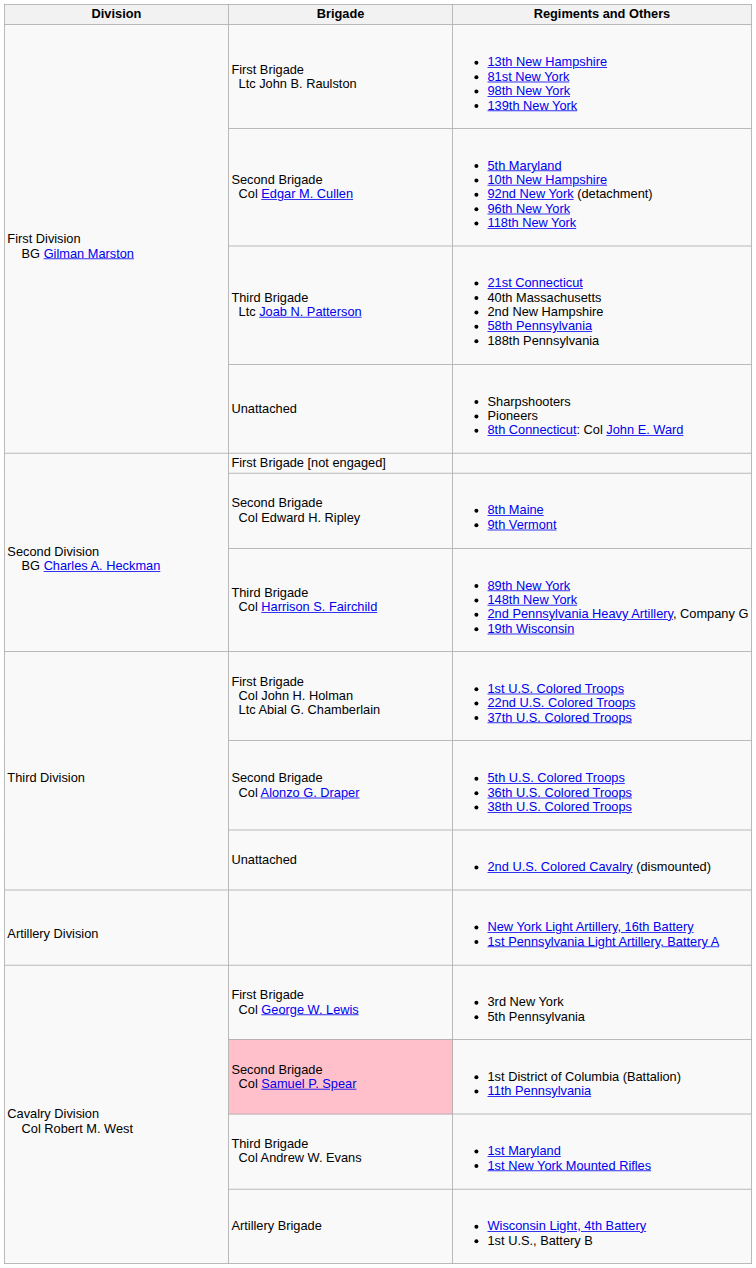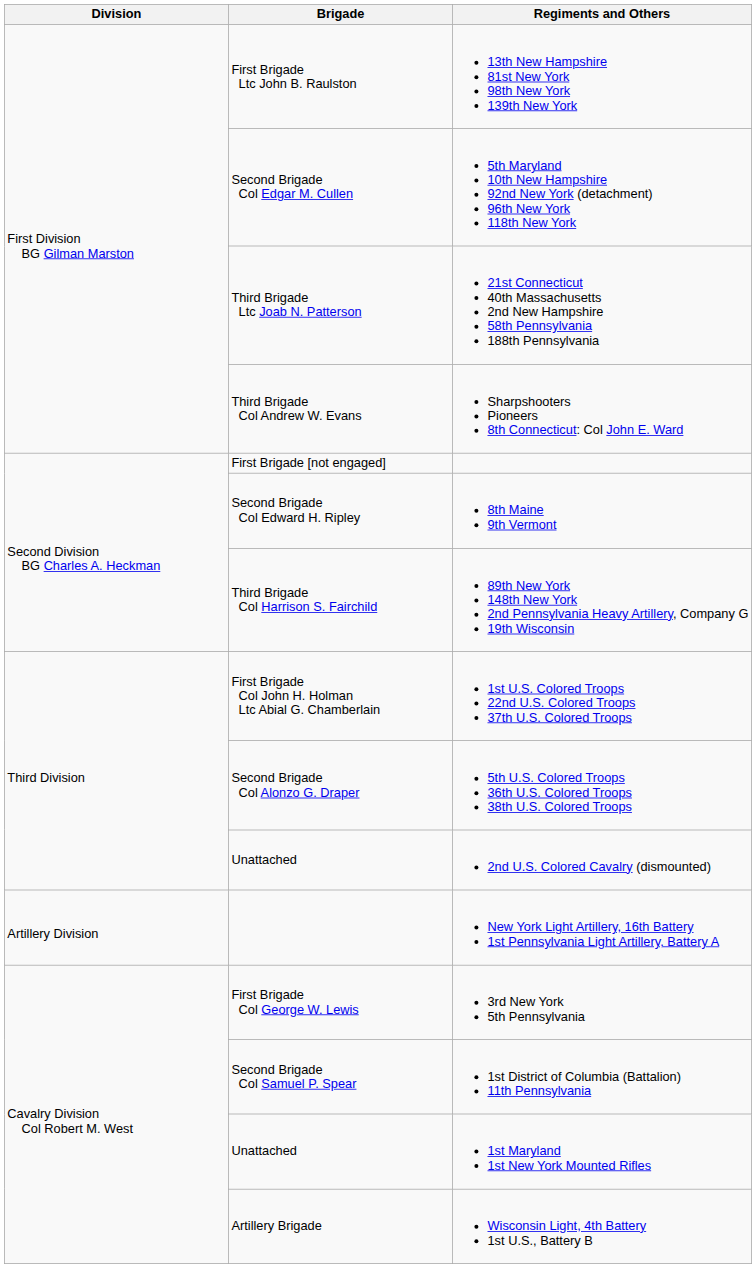 <table class="wikitable">
 <tr>
 <th width=30%>Division</th>
 <th width=30%>Brigade</th>
 <th>Regiments and Others</th>
 </tr>
 <tr>
 <td rowspan = 4><br>First Division <br>    BG <a href='#'>Gilman Marston</a></td>
 <td>First Brigade<br>  Ltc John B. Raulston</td>
 <td><br><ul><li><a href='#'>13th New Hampshire</a></li><li><a href='#'>81st New York</a></li><li><a href='#'>98th New York</a></li><li><a href='#'>139th New York</a></li></ul></td>
 </tr>
 <tr>
 <td>Second Brigade<br>  Col <a href='#'>Edgar M. Cullen</a></td>
 <td><br><ul><li><a href='#'>5th Maryland</a></li><li><a href='#'>10th New Hampshire</a></li><li><a href='#'>92nd New York</a> (detachment)</li><li><a href='#'>96th New York</a></li><li><a href='#'>118th New York</a></li></ul></td>
 </tr>
 <tr>
 <td>Third Brigade<br>  Ltc <a href='#'>Joab N. Patterson</a></td>
 <td><br><ul><li><a href='#'>21st Connecticut</a></li><li>40th Massachusetts</li><li>2nd New Hampshire</li><li><a href='#'>58th Pennsylvania</a></li><li>188th Pennsylvania</li></ul></td>
 </tr>
 <tr>
-<td>Unattached</td>
+<td>Third Brigade<br>  Col Andrew W. Evans</td>
 <td><br><ul><li>Sharpshooters</li><li>Pioneers</li><li><a href='#'>8th Connecticut</a>: Col <a href='#'>John E. Ward</a></li></ul></td>
 </tr>
 <tr>
 <td rowspan=3><br>Second Division <br>    BG <a href='#'>Charles A. Heckman</a></td>
 <td>First Brigade [not engaged]</td>
 <td></td>
 </tr>
 <tr>
 <td>Second Brigade<br>  Col Edward H. Ripley</td>
 <td><br><ul><li><a href='#'>8th Maine</a></li><li><a href='#'>9th Vermont</a></li></ul></td>
 </tr>
 <tr>
 <td>Third Brigade<br>  Col <a href='#'>Harrison S. Fairchild</a></td>
 <td><br><ul><li><a href='#'>89th New York</a></li><li><a href='#'>148th New York</a></li><li><a href='#'>2nd Pennsylvania Heavy Artillery</a>, Company G</li><li><a href='#'>19th Wisconsin</a></li></ul></td>
 </tr>
 <tr>
 <td rowspan=3><br>Third Division</td>
 <td>First Brigade<br>  Col John H. Holman <br>  Ltc Abial G. Chamberlain</td>
 <td><br><ul><li><a href='#'>1st U.S. Colored Troops</a></li><li><a href='#'>22nd U.S. Colored Troops</a></li><li><a href='#'>37th U.S. Colored Troops</a></li></ul></td>
 </tr>
 <tr>
 <td>Second Brigade<br>  Col <a href='#'>Alonzo G. Draper</a></td>
 <td><br><ul><li><a href='#'>5th U.S. Colored Troops</a></li><li><a href='#'>36th U.S. Colored Troops</a></li><li><a href='#'>38th U.S. Colored Troops</a></li></ul></td>
 </tr>
 <tr>
 <td>Unattached</td>
 <td><br><ul><li><a href='#'>2nd U.S. Colored Cavalry</a> (dismounted)</li></ul></td>
 </tr>
 <tr>
 <td rowspan=1><br>Artillery Division</td>
 <td></td>
 <td><br><ul><li><a href='#'>New York Light Artillery, 16th Battery</a></li><li><a href='#'>1st Pennsylvania Light Artillery, Battery A</a></li></ul></td>
 </tr>
 <tr>
 <td rowspan=4><br>Cavalry Division <br>    Col Robert M. West</td>
 <td>First Brigade<br>  Col <a href='#'>George W. Lewis</a></td>
 <td><br><ul><li>3rd New York</li><li>5th Pennsylvania</li></ul></td>
 </tr>
 <tr>
-<td style="background: pink;">Second Brigade<br>  Col <a href='#'>Samuel P. Spear</a></td>
+<td>Second Brigade<br>  Col <a href='#'>Samuel P. Spear</a></td>
 <td><br><ul><li>1st District of Columbia (Battalion)</li><li><a href='#'>11th Pennsylvania</a></li></ul></td>
 </tr>
 <tr>
-<td>Third Brigade<br>  Col Andrew W. Evans</td>
+<td>Unattached</td>
 <td><br><ul><li><a href='#'>1st Maryland</a></li><li><a href='#'>1st New York Mounted Rifles</a></li></ul></td>
 </tr>
 <tr>
 <td>Artillery Brigade</td>
 <td><br><ul><li><a href='#'>Wisconsin Light, 4th Battery</a></li><li>1st U.S., Battery B</li></ul></td>
 </tr>
 </table>
